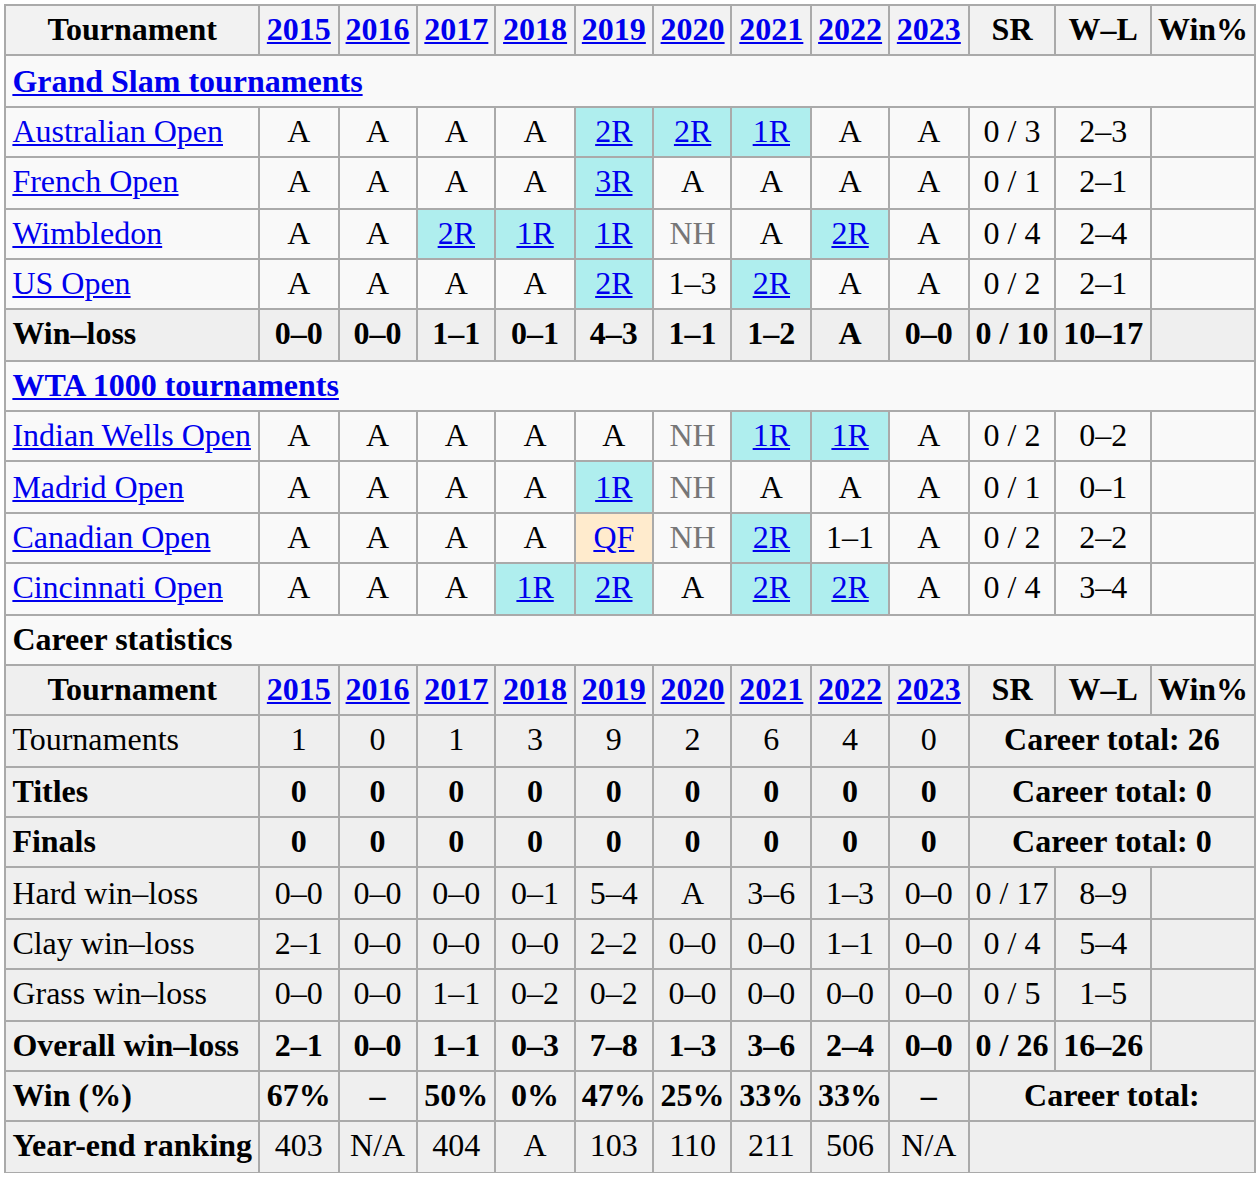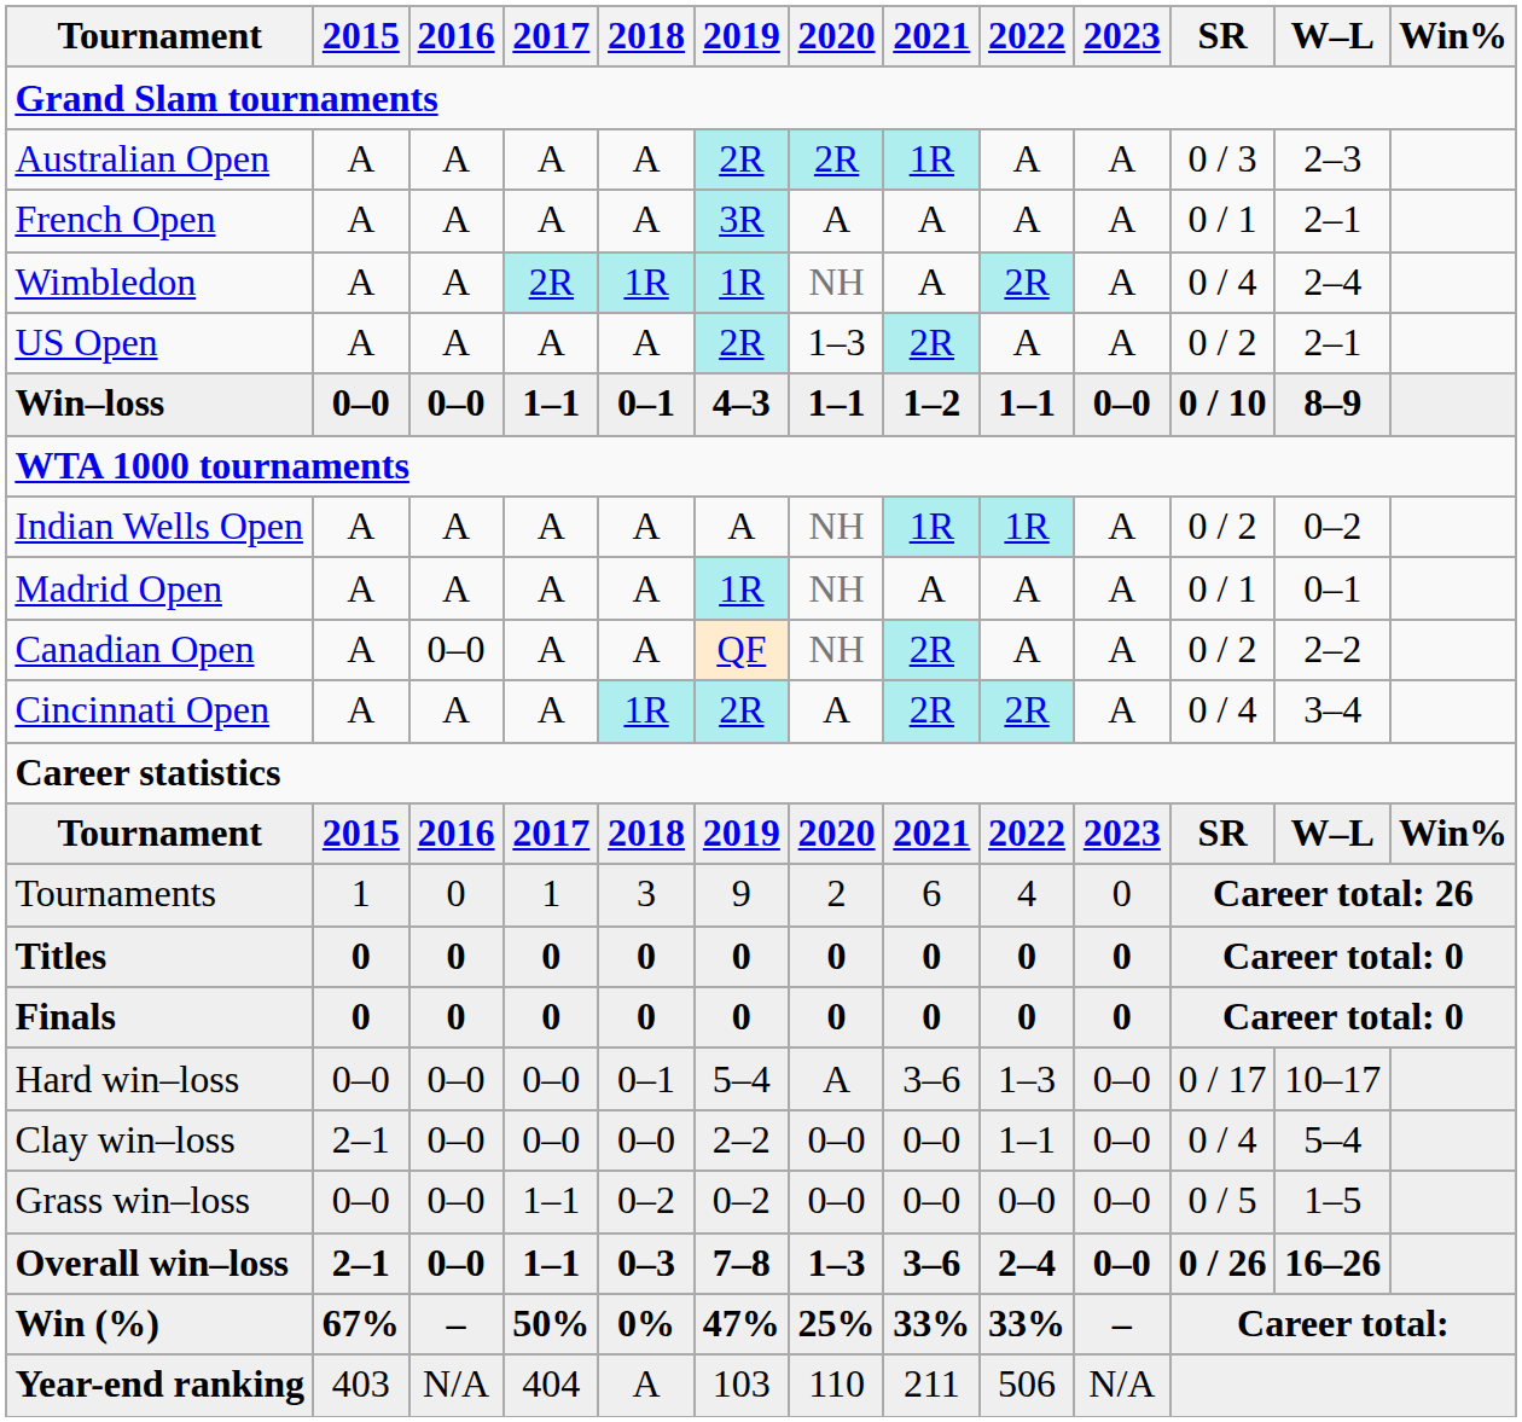 <table class=wikitable style=text-align:center>
 <tr>
 <th>Tournament</th>
 <th><a href='#'>2015</a></th>
 <th><a href='#'>2016</a></th>
 <th><a href='#'>2017</a></th>
 <th><a href='#'>2018</a></th>
 <th><a href='#'>2019</a></th>
 <th><a href='#'>2020</a></th>
 <th><a href='#'>2021</a></th>
 <th><a href='#'>2022</a></th>
 <th><a href='#'>2023</a></th>
 <th>SR</th>
 <th>W–L</th>
 <th>Win%</th>
 </tr>
 <tr>
 <td colspan="13" align="left"><strong><a href='#'>Grand Slam tournaments</a></strong></td>
 </tr>
 <tr>
 <td align=left><a href='#'>Australian Open</a></td>
 <td>A</td>
 <td>A</td>
 <td>A</td>
 <td>A</td>
 <td bgcolor=afeeee><a href='#'>2R</a></td>
 <td bgcolor=afeeee><a href='#'>2R</a></td>
 <td bgcolor=afeeee><a href='#'>1R</a></td>
 <td>A</td>
 <td>A</td>
 <td>0 / 3</td>
 <td>2–3</td>
 <td></td>
 </tr>
 <tr>
 <td align=left><a href='#'>French Open</a></td>
 <td>A</td>
 <td>A</td>
 <td>A</td>
 <td>A</td>
 <td bgcolor=afeeee><a href='#'>3R</a></td>
 <td>A</td>
 <td>A</td>
 <td>A</td>
 <td>A</td>
 <td>0 / 1</td>
 <td>2–1</td>
 <td></td>
 </tr>
 <tr>
 <td align=left><a href='#'>Wimbledon</a></td>
 <td>A</td>
 <td>A</td>
 <td bgcolor=afeeee><a href='#'>2R</a></td>
 <td bgcolor=afeeee><a href='#'>1R</a></td>
 <td bgcolor=afeeee><a href='#'>1R</a></td>
 <td style=color:#767676>NH</td>
 <td>A</td>
 <td bgcolor=afeeee><a href='#'>2R</a></td>
 <td>A</td>
 <td>0 / 4</td>
 <td>2–4</td>
 <td></td>
 </tr>
 <tr>
 <td align=left><a href='#'>US Open</a></td>
 <td>A</td>
 <td>A</td>
 <td>A</td>
 <td>A</td>
 <td bgcolor=afeeee><a href='#'>2R</a></td>
 <td>1–3</td>
 <td style=background:#afeeee><a href='#'>2R</a></td>
 <td>A</td>
 <td>A</td>
 <td>0 / 2</td>
 <td>2–1</td>
 <td></td>
 </tr>
 <tr style=background:#efefef;font-weight:bold>
 <td align=left>Win–loss</td>
 <td>0–0</td>
 <td>0–0</td>
 <td>1–1</td>
 <td>0–1</td>
 <td>4–3</td>
 <td>1–1</td>
 <td>1–2</td>
-<td>A</td>
+<td>1–1</td>
 <td>0–0</td>
 <td>0 / 10</td>
-<td>10–17</td>
+<td>8–9</td>
 <td></td>
 </tr>
 <tr>
 <td colspan="13" align=left><strong><a href='#'>WTA 1000 tournaments</a></strong></td>
 </tr>
 <tr>
 <td align=left><a href='#'>Indian Wells Open</a></td>
 <td>A</td>
 <td>A</td>
 <td>A</td>
 <td>A</td>
 <td>A</td>
 <td style="color:#767676">NH</td>
 <td bgcolor="afeeee"><a href='#'>1R</a></td>
 <td bgcolor="afeeee"><a href='#'>1R</a></td>
 <td>A</td>
 <td>0 / 2</td>
 <td>0–2</td>
 <td></td>
 </tr>
 <tr>
 <td align=left><a href='#'>Madrid Open</a></td>
 <td>A</td>
 <td>A</td>
 <td>A</td>
 <td>A</td>
 <td bgcolor=afeeee><a href='#'>1R</a></td>
 <td style=color:#767676>NH</td>
 <td>A</td>
 <td>A</td>
 <td>A</td>
 <td>0 / 1</td>
 <td>0–1</td>
 <td></td>
 </tr>
 <tr>
 <td align=left><a href='#'>Canadian Open</a></td>
 <td>A</td>
-<td>A</td>
+<td>0–0</td>
 <td>A</td>
 <td>A</td>
 <td bgcolor=ffebcd><a href='#'>QF</a></td>
 <td style=color:#767676>NH</td>
 <td bgcolor=afeeee><a href='#'>2R</a></td>
-<td>1–1</td>
+<td>A</td>
 <td>A</td>
 <td>0 / 2</td>
 <td>2–2</td>
 <td></td>
 </tr>
 <tr>
 <td align=left><a href='#'>Cincinnati Open</a></td>
 <td>A</td>
 <td>A</td>
 <td>A</td>
 <td bgcolor=afeeee><a href='#'>1R</a></td>
 <td bgcolor=afeeee><a href='#'>2R</a></td>
 <td>A</td>
 <td bgcolor=afeeee><a href='#'>2R</a></td>
 <td bgcolor=afeeee><a href='#'>2R</a></td>
 <td>A</td>
 <td>0 / 4</td>
 <td>3–4</td>
 <td></td>
 </tr>
 <tr>
 <td colspan="13" align="left"><strong>Career statistics</strong></td>
 </tr>
 <tr style="font-weight:bold;background:#efefef">
 <td>Tournament</td>
 <td><a href='#'>2015</a></td>
 <td><a href='#'>2016</a></td>
 <td><a href='#'>2017</a></td>
 <td><a href='#'>2018</a></td>
 <td><a href='#'>2019</a></td>
 <td><a href='#'>2020</a></td>
 <td><a href='#'>2021</a></td>
 <td><a href='#'>2022</a></td>
 <td><a href='#'>2023</a></td>
 <td>SR</td>
 <td>W–L</td>
 <td>Win%</td>
 </tr>
 <tr style=background:#efefef>
 <td align=left>Tournaments</td>
 <td>1</td>
 <td>0</td>
 <td>1</td>
 <td>3</td>
 <td>9</td>
 <td>2</td>
 <td>6</td>
 <td>4</td>
 <td>0</td>
 <td colspan=3><strong>Career total: 26</strong></td>
 </tr>
 <tr style="font-weight:bold;background:#efefef">
 <td align=left>Titles</td>
 <td>0</td>
 <td>0</td>
 <td>0</td>
 <td>0</td>
 <td>0</td>
 <td>0</td>
 <td>0</td>
 <td>0</td>
 <td>0</td>
 <td colspan="3">Career total: 0</td>
 </tr>
 <tr style="font-weight:bold;background:#efefef">
 <td align=left>Finals</td>
 <td>0</td>
 <td>0</td>
 <td>0</td>
 <td>0</td>
 <td>0</td>
 <td>0</td>
 <td>0</td>
 <td>0</td>
 <td>0</td>
 <td colspan="3">Career total: 0</td>
 </tr>
 <tr bgcolor=efefef>
 <td align=left>Hard win–loss</td>
 <td>0–0</td>
 <td>0–0</td>
 <td>0–0</td>
 <td>0–1</td>
 <td>5–4</td>
 <td>A</td>
 <td>3–6</td>
 <td>1–3</td>
 <td>0–0</td>
 <td>0 / 17</td>
-<td>8–9</td>
+<td>10–17</td>
 <td></td>
 </tr>
 <tr bgcolor=efefef>
 <td align=left>Clay win–loss</td>
 <td>2–1</td>
 <td>0–0</td>
 <td>0–0</td>
 <td>0–0</td>
 <td>2–2</td>
 <td>0–0</td>
 <td>0–0</td>
 <td>1–1</td>
 <td>0–0</td>
 <td>0 / 4</td>
 <td>5–4</td>
 <td></td>
 </tr>
 <tr bgcolor=efefef>
 <td align=left>Grass win–loss</td>
 <td>0–0</td>
 <td>0–0</td>
 <td>1–1</td>
 <td>0–2</td>
 <td>0–2</td>
 <td>0–0</td>
 <td>0–0</td>
 <td>0–0</td>
 <td>0–0</td>
 <td>0 / 5</td>
 <td>1–5</td>
 <td></td>
 </tr>
 <tr style="font-weight:bold;background:#efefef">
 <td align=left>Overall win–loss</td>
 <td>2–1</td>
 <td>0–0</td>
 <td>1–1</td>
 <td>0–3</td>
 <td>7–8</td>
 <td>1–3</td>
 <td>3–6</td>
 <td>2–4</td>
 <td>0–0</td>
 <td>0 / 26</td>
 <td>16–26</td>
 <td></td>
 </tr>
 <tr style="font-weight:bold;background:#efefef">
 <td align=left>Win (%)</td>
 <td>67%</td>
 <td>–</td>
 <td>50%</td>
 <td>0%</td>
 <td>47%</td>
 <td>25%</td>
 <td>33%</td>
 <td>33%</td>
 <td>–</td>
 <td colspan="3">Career total: </td>
 </tr>
 <tr style=background:#efefef>
 <td align=left><strong>Year-end ranking</strong></td>
 <td>403</td>
 <td>N/A</td>
 <td>404</td>
 <td>A</td>
 <td>103</td>
 <td>110</td>
 <td>211</td>
 <td>506</td>
 <td>N/A</td>
 <td colspan=3></td>
 </tr>
 </table>
